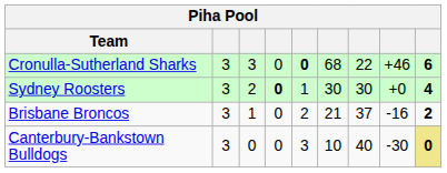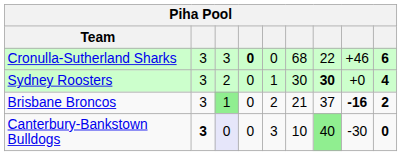 <table class="wikitable" style="text-align:center">
 <tr>
 <th colspan="9"><strong>Piha Pool</strong></th>
 </tr>
 <tr>
 <th width="210">Team</th>
 <th width="20"></th>
 <th width="20"></th>
 <th width="20"></th>
 <th width="20"></th>
 <th width="25"></th>
 <th width="25"></th>
 <th width="30"></th>
 <th width="20"></th>
 </tr>
 <tr style="background: #ccffcc;">
 <td align=left> <a href='#'>Cronulla-Sutherland Sharks</a></td>
 <td>3</td>
 <td>3</td>
+<td><strong>0</strong></td>
 <td>0</td>
-<td><strong>0</strong></td>
 <td>68</td>
 <td>22</td>
 <td>+46</td>
 <td><strong>6</strong></td>
 </tr>
 <tr style="background: #ccffcc;">
 <td align=left> <a href='#'>Sydney Roosters</a></td>
 <td>3</td>
 <td>2</td>
-<td><strong>0</strong></td>
+<td>0</td>
 <td>1</td>
 <td>30</td>
-<td>30</td>
+<td><strong>30</strong></td>
 <td>+0</td>
 <td><strong>4</strong></td>
 </tr>
 <tr>
 <td align=left> <a href='#'>Brisbane Broncos</a></td>
 <td>3</td>
-<td>1</td>
+<td style="background: lightgreen;">1</td>
 <td>0</td>
 <td>2</td>
 <td>21</td>
 <td>37</td>
-<td>-16</td>
+<td><strong>-16</strong></td>
 <td><strong>2</strong></td>
 </tr>
 <tr>
 <td align=left> <a href='#'>Canterbury-Bankstown Bulldogs</a></td>
-<td>3</td>
-<td>0</td>
+<td><strong>3</strong></td>
+<td style="background: lavender;">0</td>
 <td>0</td>
 <td>3</td>
 <td>10</td>
-<td>40</td>
+<td style="background: lightgreen;">40</td>
 <td>-30</td>
-<td style="background: khaki;"><strong>0</strong></td>
+<td><strong>0</strong></td>
 </tr>
 </table>
